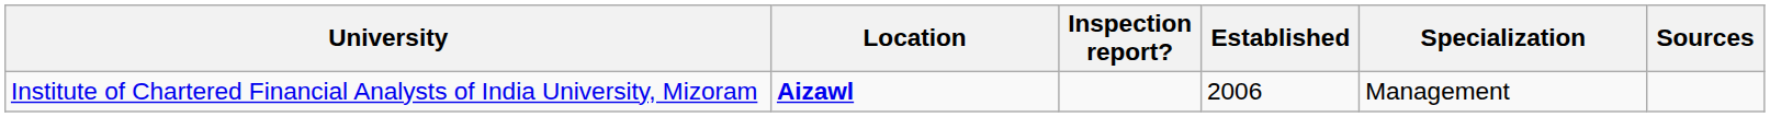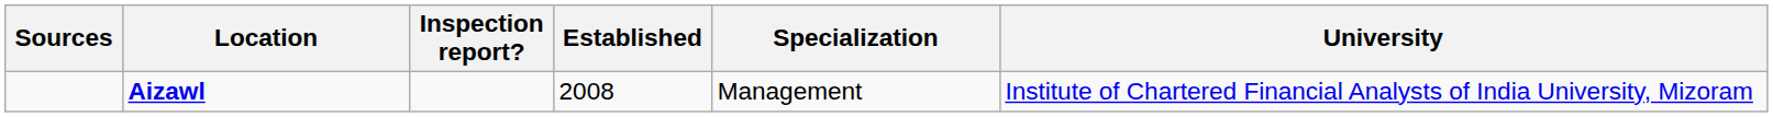 <table class="wikitable sortable collapsible plainrowheaders" border="1" style="text-align:left; width:90%">
 <tr>
-<th scope="col" style="width: 40%;">University</th>
+<th scope="col" style="width: 5%;" class="unsortable">Sources</th>
 <th scope="col" style="width: 15%;">Location</th>
 <th scope="col" style="width: 5%;">Inspection report?</th>
 <th scope="col" style="width: 5%;">Established</th>
 <th scope="col" style="width: 15%;">Specialization</th>
-<th scope="col" style="width: 5%;" class="unsortable">Sources</th>
+<th scope="col" style="width: 40%;">University</th>
 </tr>
 <tr>
-<td><a href='#'>Institute of Chartered Financial Analysts of India University, Mizoram</a></td>
+<td></td>
 <td><strong><a href='#'>Aizawl</a></strong></td>
 <td></td>
-<td>2006</td>
+<td>2008</td>
 <td>Management</td>
-<td></td>
+<td><a href='#'>Institute of Chartered Financial Analysts of India University, Mizoram</a></td>
 </tr>
 </table>
